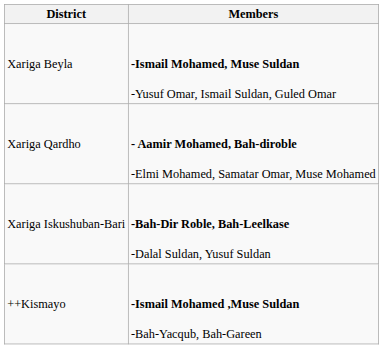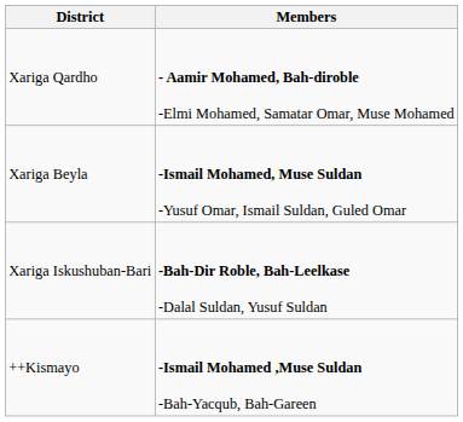 <table class="wikitable mw-collapsible">
 <tr>
 <th>District</th>
 <th><strong>Members</strong></th>
 </tr>
 <tr>
+<td>Xariga Qardho</td>
+<td><br><h4>- Aamir Mohamed, Bah-diroble</h4>-Elmi Mohamed, Samatar Omar, Muse Mohamed</td>
+</tr>
+<tr>
 <td>Xariga Beyla</td>
 <td><br><h4>-Ismail Mohamed, Muse Suldan</h4>-Yusuf Omar, Ismail Suldan, Guled Omar</td>
-</tr>
-<tr>
-<td>Xariga Qardho</td>
-<td><br><h4>- Aamir Mohamed, Bah-diroble</h4>-Elmi Mohamed, Samatar Omar, Muse Mohamed</td>
 </tr>
 <tr>
 <td>Xariga Iskushuban-Bari</td>
 <td><br><h4>-Bah-Dir Roble, Bah-Leelkase</h4>-Dalal Suldan, Yusuf Suldan</td>
 </tr>
 <tr>
 <td>++Kismayo</td>
 <td><br><h4>-Ismail Mohamed ,Muse Suldan</h4>-Bah-Yacqub, Bah-Gareen</td>
 </tr>
 </table>
